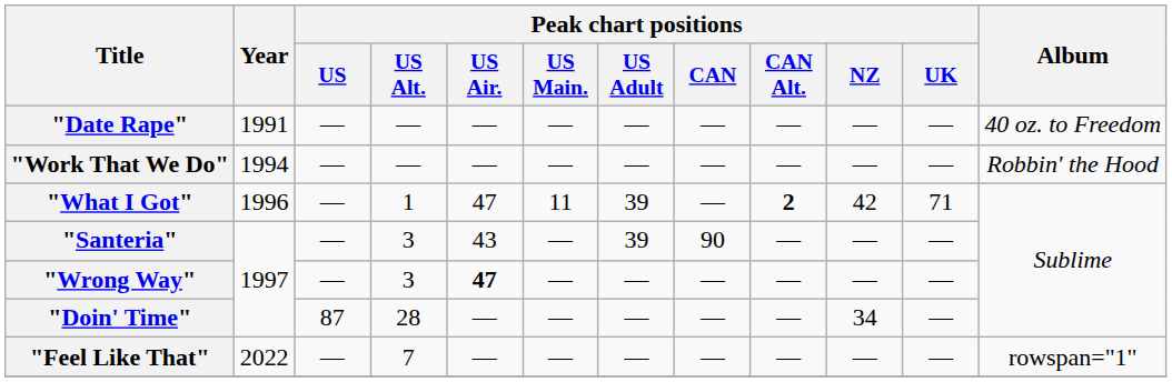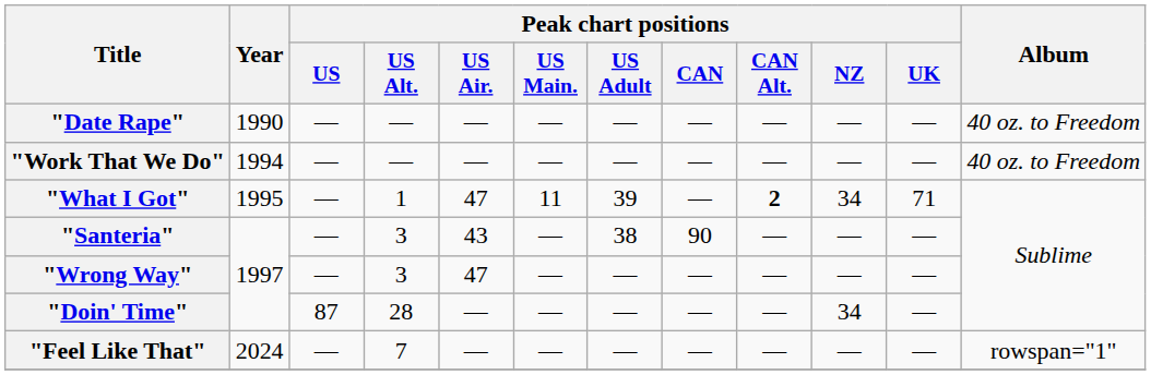 <table class="wikitable plainrowheaders" style="text-align:center;">
 <tr>
 <th scope="col" rowspan="2">Title</th>
 <th scope="col" rowspan="2">Year</th>
 <th scope="col" colspan="9">Peak chart positions</th>
 <th scope="col" rowspan="2">Album</th>
 </tr>
 <tr>
 <th scope="col" style="width:3em; font-size:90%"><a href='#'>US</a><br></th>
 <th scope="col" style="width:3em; font-size:90%"><a href='#'>US Alt.</a><br></th>
 <th scope="col" style="width:3em; font-size:90%"><a href='#'>US Air.</a><br></th>
 <th scope="col" style="width:3em; font-size:90%"><a href='#'>US Main.</a><br></th>
 <th scope="col" style="width:3em; font-size:90%"><a href='#'>US Adult</a><br></th>
 <th scope="col" style="width:3em; font-size:90%"><a href='#'>CAN</a><br></th>
 <th scope="col" style="width:3em; font-size:90%"><a href='#'>CAN<br>Alt.</a><br></th>
 <th scope="col" style="width:3em; font-size:90%"><a href='#'>NZ</a><br></th>
 <th scope="col" style="width:3em; font-size:90%"><a href='#'>UK</a><br></th>
 </tr>
 <tr>
 <th scope="row">"<a href='#'>Date Rape</a>"</th>
-<td>1991</td>
+<td>1990</td>
 <td>—</td>
 <td>—</td>
 <td>—</td>
 <td>—</td>
 <td>—</td>
 <td>—</td>
 <td>—</td>
 <td>—</td>
 <td>—</td>
 <td><em>40 oz. to Freedom</em></td>
 </tr>
 <tr>
 <th scope="row">"Work That We Do"</th>
 <td>1994</td>
 <td>—</td>
 <td>—</td>
 <td>—</td>
 <td>—</td>
 <td>—</td>
 <td>—</td>
 <td>—</td>
 <td>—</td>
 <td>—</td>
-<td><em>Robbin' the Hood</em></td>
+<td><em>40 oz. to Freedom</em></td>
 </tr>
 <tr>
 <th scope="row">"<a href='#'>What I Got</a>"</th>
-<td>1996</td>
+<td>1995</td>
 <td>—</td>
 <td>1</td>
 <td>47</td>
 <td>11</td>
 <td>39</td>
 <td>—</td>
 <td><strong>2</strong></td>
-<td>42</td>
+<td>34</td>
 <td>71</td>
 <td rowspan="4"><em>Sublime</em></td>
 </tr>
 <tr>
 <th scope="row">"<a href='#'>Santeria</a>"</th>
 <td rowspan="3">1997</td>
 <td>—</td>
 <td>3</td>
 <td>43</td>
 <td>—</td>
-<td>39</td>
+<td>38</td>
 <td>90</td>
 <td>—</td>
 <td>—</td>
 <td>—</td>
 </tr>
 <tr>
 <th scope="row">"<a href='#'>Wrong Way</a>"</th>
 <td>—</td>
 <td>3</td>
-<td><strong>47</strong></td>
+<td>47</td>
 <td>—</td>
 <td>—</td>
 <td>—</td>
 <td>—</td>
 <td>—</td>
 <td>—</td>
 </tr>
 <tr>
 <th scope="row">"<a href='#'>Doin' Time</a>"</th>
 <td>87</td>
 <td>28</td>
 <td>—</td>
 <td>—</td>
 <td>—</td>
 <td>—</td>
 <td>—</td>
 <td>34</td>
 <td>—</td>
 </tr>
 <tr>
 <th scope="row">"Feel Like That"<br></th>
-<td>2022</td>
+<td>2024</td>
 <td>—</td>
 <td>7</td>
 <td>—</td>
 <td>—</td>
 <td>—</td>
 <td>—</td>
 <td>—</td>
 <td>—</td>
 <td>—</td>
 <td>rowspan="1" </td>
 </tr>
 <tr>
 </tr>
 </table>
